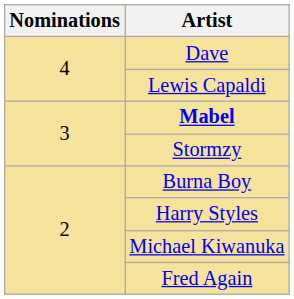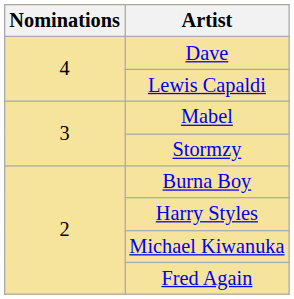 <table class="wikitable plainrowheaders" rowspan=2 style="text-align: center; background: #f6e39c">
 <tr>
 <th scope="col" style="width:55px;">Nominations</th>
 <th scope="col" style="text-align:center;">Artist</th>
 </tr>
 <tr>
 <td scope=row rowspan="2" style="text-align:center">4</td>
 <td><a href='#'>Dave</a></td>
 </tr>
 <tr>
 <td><a href='#'>Lewis Capaldi</a></td>
 </tr>
 <tr>
 <td scope=row rowspan="2" style="text-align:center">3</td>
-<td><strong><a href='#'>Mabel</a></strong></td>
+<td><a href='#'>Mabel</a></td>
 </tr>
 <tr>
 <td><a href='#'>Stormzy</a></td>
 </tr>
 <tr>
 <td rowspan="4" scope="row" style="text-align:center">2</td>
 <td><a href='#'>Burna Boy</a></td>
 </tr>
 <tr>
 <td><a href='#'>Harry Styles</a></td>
 </tr>
 <tr>
 <td><a href='#'>Michael Kiwanuka</a></td>
 </tr>
 <tr>
 <td><a href='#'>Fred Again</a></td>
 </tr>
 </table>
